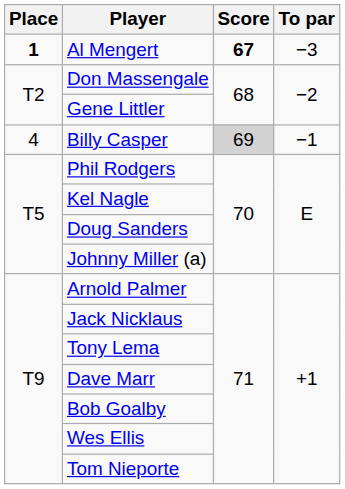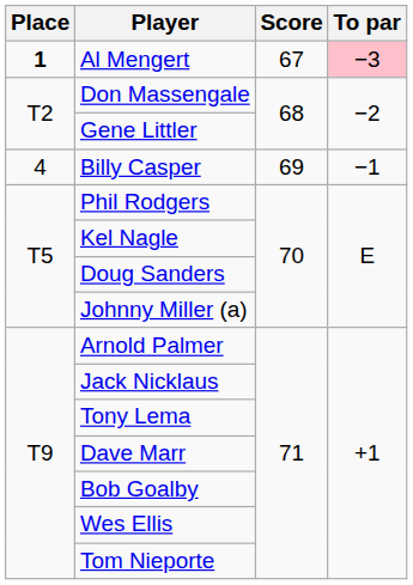 <table class=wikitable>
 <tr>
 <th>Place</th>
 <th>Player</th>
 <th>Score</th>
 <th>To par</th>
 </tr>
 <tr>
 <td align=center><strong>1</strong></td>
 <td> <a href='#'>Al Mengert</a></td>
-<td align=center><strong>67</strong></td>
-<td align=center>−3</td>
+<td align=center>67</td>
+<td align=center style="background: pink;">−3</td>
 </tr>
 <tr>
 <td align=center rowspan=2>T2</td>
 <td> <a href='#'>Don Massengale</a></td>
 <td rowspan=2 align=center>68</td>
 <td rowspan=2 align=center>−2</td>
 </tr>
 <tr>
 <td> <a href='#'>Gene Littler</a></td>
 </tr>
 <tr>
 <td align=center>4</td>
 <td> <a href='#'>Billy Casper</a></td>
-<td align=center style="background: lightgrey;">69</td>
+<td align=center>69</td>
 <td align=center>−1</td>
 </tr>
 <tr>
 <td rowspan=4 align=center>T5</td>
 <td> <a href='#'>Phil Rodgers</a></td>
 <td rowspan= 4 align=center>70</td>
 <td rowspan=4 align=center>E</td>
 </tr>
 <tr>
 <td> <a href='#'>Kel Nagle</a></td>
 </tr>
 <tr>
 <td> <a href='#'>Doug Sanders</a></td>
 </tr>
 <tr>
 <td> <a href='#'>Johnny Miller</a> (a)</td>
 </tr>
 <tr>
 <td rowspan=7 align=center>T9</td>
 <td> <a href='#'>Arnold Palmer</a></td>
 <td rowspan=7 align=center>71</td>
 <td rowspan=7 align=center>+1</td>
 </tr>
 <tr>
 <td> <a href='#'>Jack Nicklaus</a></td>
 </tr>
 <tr>
 <td> <a href='#'>Tony Lema</a></td>
 </tr>
 <tr>
 <td> <a href='#'>Dave Marr</a></td>
 </tr>
 <tr>
 <td> <a href='#'>Bob Goalby</a></td>
 </tr>
 <tr>
 <td> <a href='#'>Wes Ellis</a></td>
 </tr>
 <tr>
 <td> <a href='#'>Tom Nieporte</a></td>
 </tr>
 </table>
